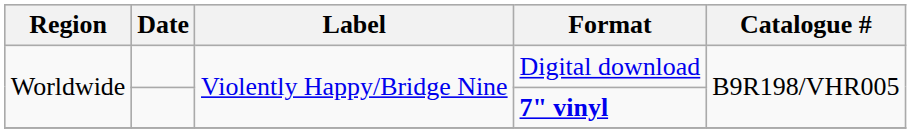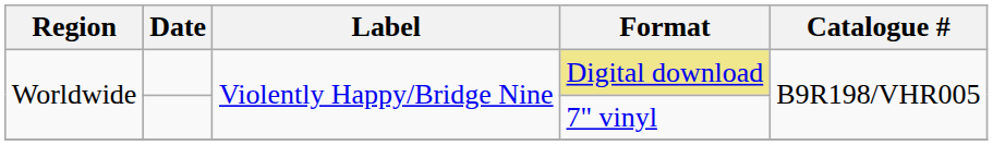 <table class="wikitable">
 <tr>
 <th>Region</th>
 <th>Date</th>
 <th>Label</th>
 <th>Format</th>
 <th>Catalogue #</th>
 </tr>
 <tr>
 <td rowspan="2">Worldwide</td>
 <td></td>
 <td rowspan="2"><a href='#'>Violently Happy/Bridge Nine</a></td>
-<td><a href='#'>Digital download</a></td>
+<td style="background: khaki;"><a href='#'>Digital download</a></td>
 <td rowspan="2">B9R198/VHR005</td>
 </tr>
 <tr>
 <td></td>
-<td><strong><a href='#'>7" vinyl</a></strong></td>
+<td><a href='#'>7" vinyl</a></td>
 </tr>
 <tr>
 </tr>
 </table>
